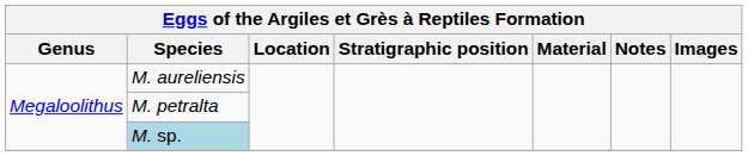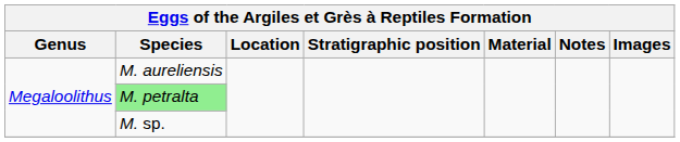 <table class="wikitable" align="center">
 <tr>
 <th colspan="7" align="center"><a href='#'>Eggs</a> of the Argiles et Grès à Reptiles Formation</th>
 </tr>
 <tr>
 <th>Genus</th>
 <th>Species</th>
 <th>Location</th>
 <th>Stratigraphic position</th>
 <th>Material</th>
 <th>Notes</th>
 <th>Images</th>
 </tr>
 <tr>
 <td rowspan=3><em><a href='#'>Megaloolithus</a></em></td>
 <td><em>M. aureliensis</em></td>
 <td rowspan=3></td>
 <td rowspan=3></td>
 <td rowspan=3></td>
 <td rowspan=3></td>
 <td rowspan=3></td>
 </tr>
 <tr>
-<td><em>M. petralta</em></td>
+<td style="background: lightgreen;"><em>M. petralta</em></td>
 </tr>
 <tr>
-<td style="background: lightblue;"><em>M.</em> sp.</td>
+<td><em>M.</em> sp.</td>
 </tr>
 <tr>
 </tr>
 </table>
